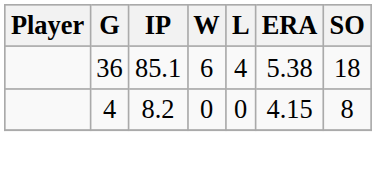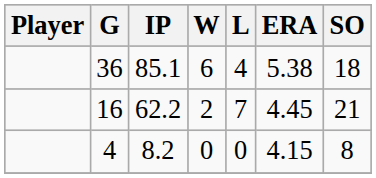 <table class="wikitable sortable" style="text-align:center;">
 <tr>
 <th>Player</th>
 <th>G</th>
 <th>IP</th>
 <th>W</th>
 <th>L</th>
 <th>ERA</th>
 <th>SO</th>
 </tr>
 <tr>
 <td></td>
 <td>36</td>
 <td>85.1</td>
 <td>6</td>
 <td>4</td>
 <td>5.38</td>
 <td>18</td>
 </tr>
 <tr>
 <td></td>
+<td>16</td>
+<td>62.2</td>
+<td>2</td>
+<td>7</td>
+<td>4.45</td>
+<td>21</td>
+</tr>
+<tr>
+<td></td>
 <td>4</td>
 <td>8.2</td>
 <td>0</td>
 <td>0</td>
 <td>4.15</td>
 <td>8</td>
 </tr>
 <tr>
 </tr>
 </table>
